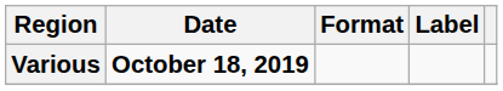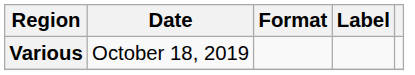 <table class="wikitable plainrowheaders">
 <tr>
 <th scope="col">Region</th>
 <th scope="col">Date</th>
 <th scope="col">Format</th>
 <th scope="col">Label</th>
 <th scope="col"></th>
 </tr>
 <tr>
 <th scope="row">Various</th>
-<td><strong>October 18, 2019</strong></td>
+<td>October 18, 2019</td>
 <td></td>
 <td></td>
 <td style="text-align:center;"></td>
 </tr>
 <tr>
 </tr>
 </table>
